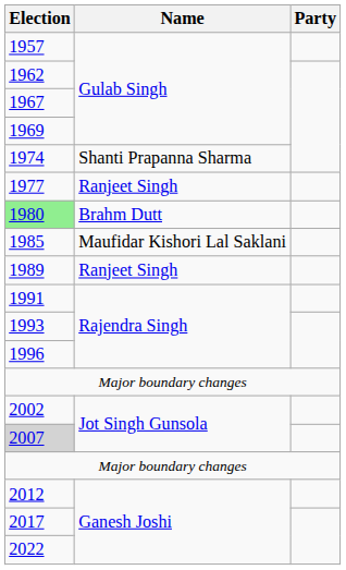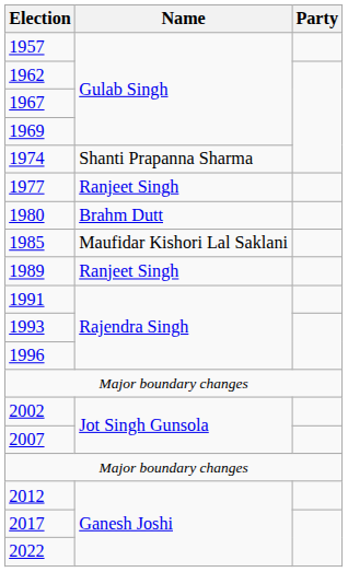 <table class="wikitable sortable">
 <tr>
 <th>Election</th>
 <th>Name</th>
 <th colspan=2>Party</th>
 </tr>
 <tr>
 <td><a href='#'>1957</a></td>
 <td rowspan="4"><a href='#'>Gulab Singh</a></td>
 <td></td>
 </tr>
 <tr>
 <td><a href='#'>1962</a></td>
 </tr>
 <tr>
 <td><a href='#'>1967</a></td>
 </tr>
 <tr>
 <td><a href='#'>1969</a></td>
 </tr>
 <tr>
 <td><a href='#'>1974</a></td>
 <td>Shanti Prapanna Sharma</td>
 </tr>
 <tr>
 <td><a href='#'>1977</a></td>
 <td><a href='#'>Ranjeet Singh</a></td>
 <td></td>
 </tr>
 <tr>
-<td style="background: lightgreen;"><a href='#'>1980</a></td>
+<td><a href='#'>1980</a></td>
 <td><a href='#'>Brahm Dutt</a></td>
 <td></td>
 </tr>
 <tr>
 <td><a href='#'>1985</a></td>
 <td>Maufidar Kishori Lal Saklani</td>
 </tr>
 <tr>
 <td><a href='#'>1989</a></td>
 <td><a href='#'>Ranjeet Singh</a></td>
 <td></td>
 </tr>
 <tr>
 <td><a href='#'>1991</a></td>
 <td rowspan="3"><a href='#'>Rajendra Singh</a></td>
 <td></td>
 </tr>
 <tr>
 <td><a href='#'>1993</a></td>
 </tr>
 <tr>
 <td><a href='#'>1996</a></td>
 </tr>
 <tr>
 <td colspan=4 align=center><small><em>Major boundary changes</em></small></td>
 </tr>
 <tr>
 <td><a href='#'>2002</a></td>
 <td rowspan="2"><a href='#'>Jot Singh Gunsola</a></td>
 <td></td>
 </tr>
 <tr>
-<td style="background: lightgrey;"><a href='#'>2007</a></td>
+<td><a href='#'>2007</a></td>
 </tr>
 <tr>
 <td colspan=4 align=center><small><em>Major boundary changes</em></small></td>
 </tr>
 <tr>
 <td><a href='#'>2012</a></td>
 <td rowspan="3"><a href='#'>Ganesh Joshi</a></td>
 <td></td>
 </tr>
 <tr>
 <td><a href='#'>2017</a></td>
 </tr>
 <tr>
 <td><a href='#'>2022</a></td>
 </tr>
 </table>
